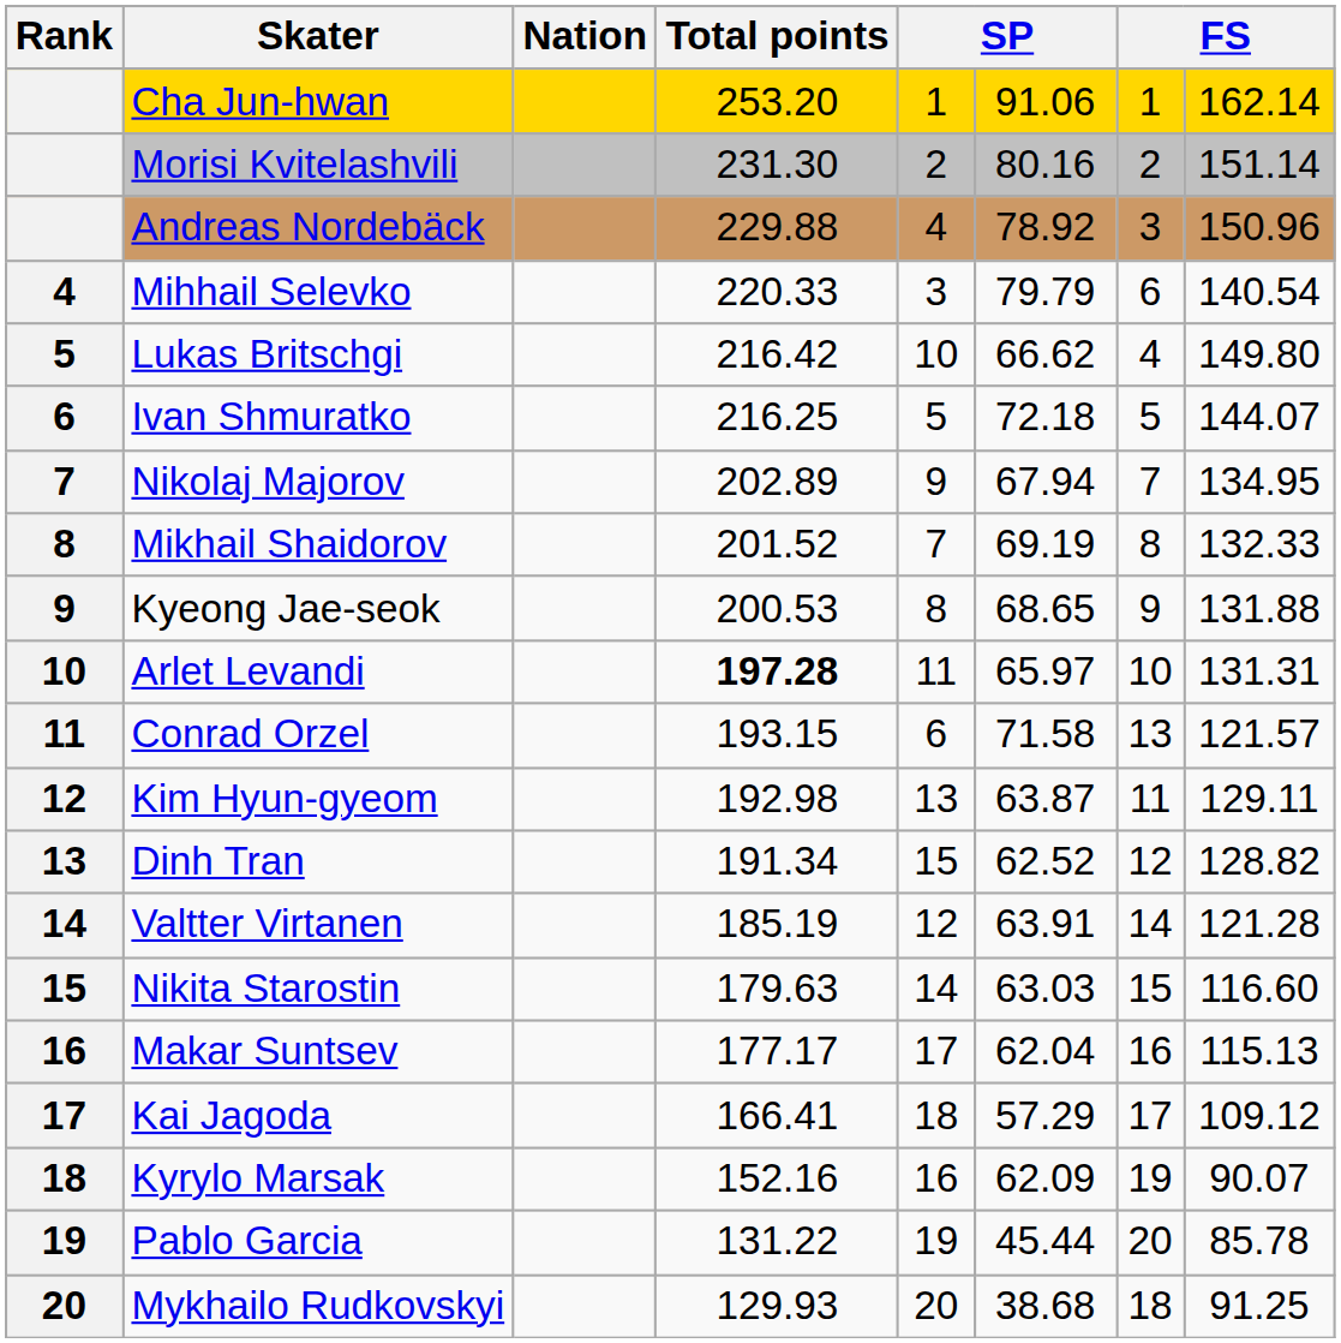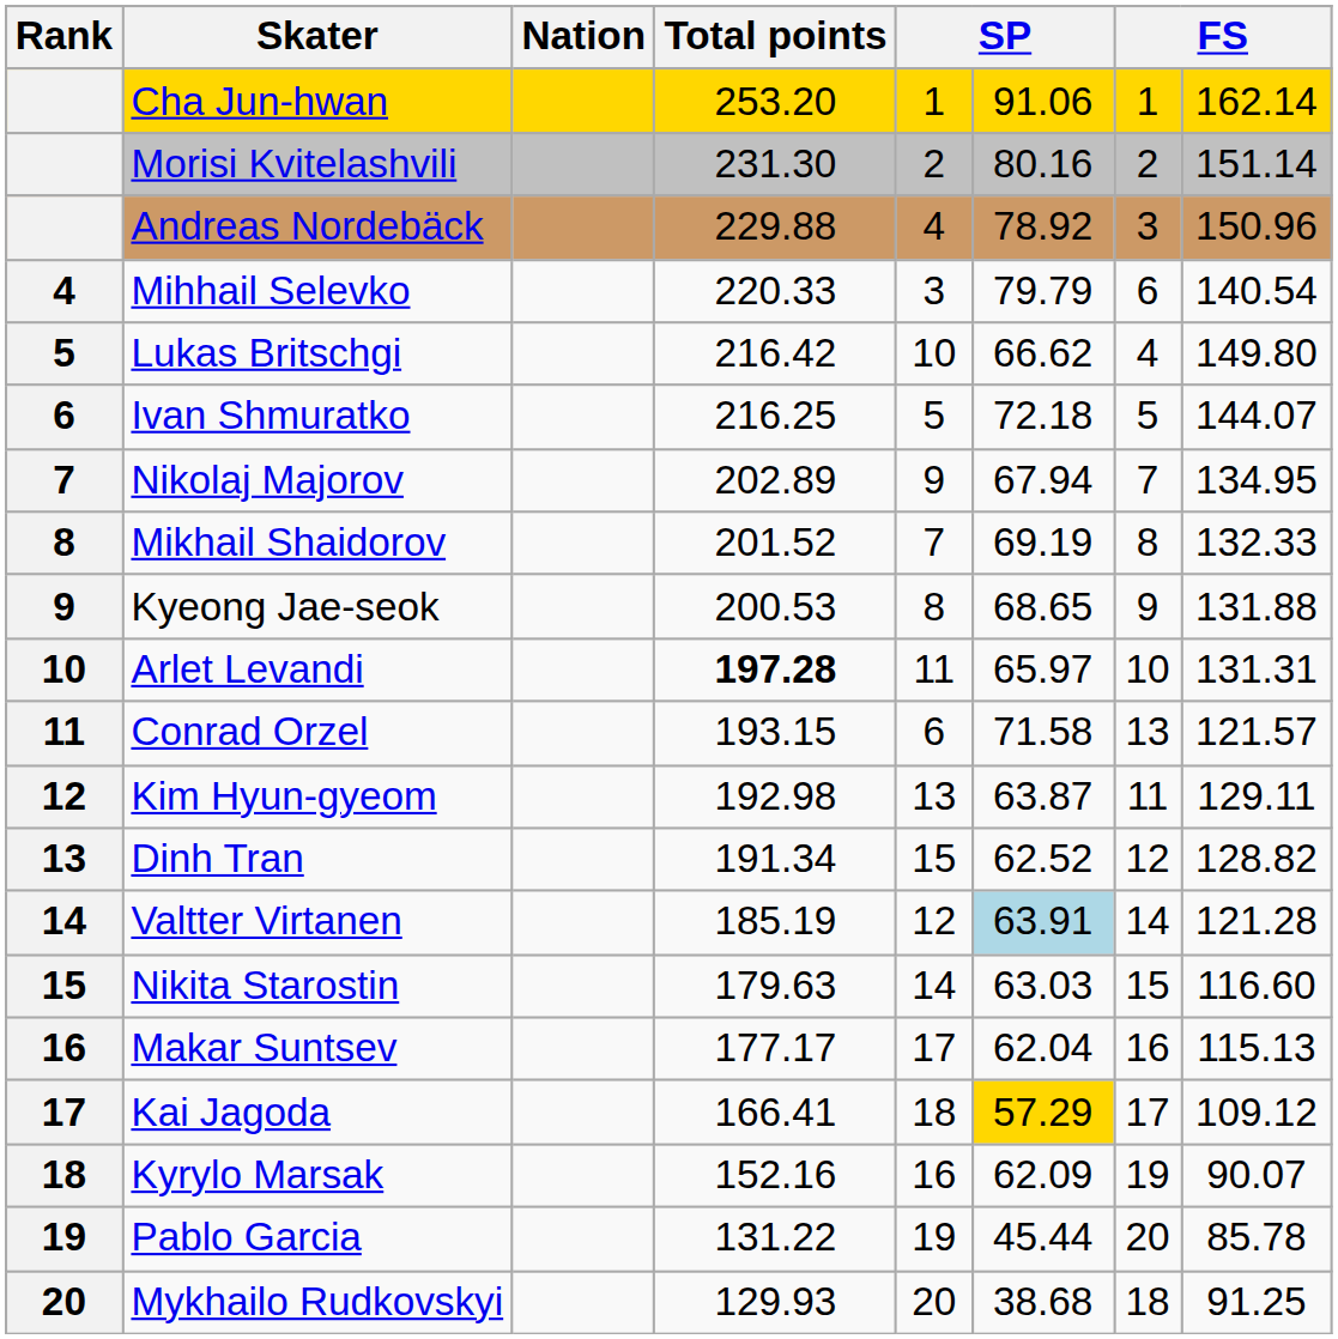 <table class="wikitable sortable" style="text-align:left">
 <tr>
 <th scope="col">Rank</th>
 <th scope="col">Skater</th>
 <th scope="col">Nation</th>
 <th scope="col">Total points</th>
 <th scope="col" colspan="2" width="80px"><a href='#'>SP</a></th>
 <th scope="col" colspan="2" width="80px"><a href='#'>FS</a></th>
 </tr>
 <tr bgcolor="gold">
 <th scope="row"></th>
 <td><a href='#'>Cha Jun-hwan</a></td>
 <td></td>
 <td align="center">253.20</td>
 <td align="center">1</td>
 <td align="center">91.06</td>
 <td align="center">1</td>
 <td align="center">162.14</td>
 </tr>
 <tr bgcolor="silver">
 <th scope="row"></th>
 <td><a href='#'>Morisi Kvitelashvili</a></td>
 <td></td>
 <td align="center">231.30</td>
 <td align="center">2</td>
 <td align="center">80.16</td>
 <td align="center">2</td>
 <td align="center">151.14</td>
 </tr>
 <tr bgcolor="cc9966">
 <th scope="row"></th>
 <td><a href='#'>Andreas Nordebäck</a></td>
 <td></td>
 <td align="center">229.88</td>
 <td align="center">4</td>
 <td align="center">78.92</td>
 <td align="center">3</td>
 <td align="center">150.96</td>
 </tr>
 <tr>
 <th scope="row">4</th>
 <td><a href='#'>Mihhail Selevko</a></td>
 <td></td>
 <td align="center">220.33</td>
 <td align="center">3</td>
 <td align="center">79.79</td>
 <td align="center">6</td>
 <td align="center">140.54</td>
 </tr>
 <tr>
 <th scope="row">5</th>
 <td><a href='#'>Lukas Britschgi</a></td>
 <td></td>
 <td align="center">216.42</td>
 <td align="center">10</td>
 <td align="center">66.62</td>
 <td align="center">4</td>
 <td align="center">149.80</td>
 </tr>
 <tr>
 <th scope="row">6</th>
 <td><a href='#'>Ivan Shmuratko</a></td>
 <td></td>
 <td align="center">216.25</td>
 <td align="center">5</td>
 <td align="center">72.18</td>
 <td align="center">5</td>
 <td align="center">144.07</td>
 </tr>
 <tr>
 <th scope="row">7</th>
 <td><a href='#'>Nikolaj Majorov</a></td>
 <td></td>
 <td align="center">202.89</td>
 <td align="center">9</td>
 <td align="center">67.94</td>
 <td align="center">7</td>
 <td align="center">134.95</td>
 </tr>
 <tr>
 <th scope="row">8</th>
 <td><a href='#'>Mikhail Shaidorov</a></td>
 <td></td>
 <td align="center">201.52</td>
 <td align="center">7</td>
 <td align="center">69.19</td>
 <td align="center">8</td>
 <td align="center">132.33</td>
 </tr>
 <tr>
 <th scope="row">9</th>
 <td>Kyeong Jae-seok</td>
 <td></td>
 <td align="center">200.53</td>
 <td align="center">8</td>
 <td align="center">68.65</td>
 <td align="center">9</td>
 <td align="center">131.88</td>
 </tr>
 <tr>
 <th scope="row">10</th>
 <td><a href='#'>Arlet Levandi</a></td>
 <td></td>
 <td align="center"><strong>197.28</strong></td>
 <td align="center">11</td>
 <td align="center">65.97</td>
 <td align="center">10</td>
 <td align="center">131.31</td>
 </tr>
 <tr>
 <th scope="row">11</th>
 <td><a href='#'>Conrad Orzel</a></td>
 <td></td>
 <td align="center">193.15</td>
 <td align="center">6</td>
 <td align="center">71.58</td>
 <td align="center">13</td>
 <td align="center">121.57</td>
 </tr>
 <tr>
 <th scope="row">12</th>
 <td><a href='#'>Kim Hyun-gyeom</a></td>
 <td></td>
 <td align="center">192.98</td>
 <td align="center">13</td>
 <td align="center">63.87</td>
 <td align="center">11</td>
 <td align="center">129.11</td>
 </tr>
 <tr>
 <th scope="row">13</th>
 <td><a href='#'>Dinh Tran</a></td>
 <td></td>
 <td align="center">191.34</td>
 <td align="center">15</td>
 <td align="center">62.52</td>
 <td align="center">12</td>
 <td align="center">128.82</td>
 </tr>
 <tr>
 <th scope="row">14</th>
 <td><a href='#'>Valtter Virtanen</a></td>
 <td></td>
 <td align="center">185.19</td>
 <td align="center">12</td>
-<td align="center">63.91</td>
+<td align="center" style="background: lightblue;">63.91</td>
 <td align="center">14</td>
 <td align="center">121.28</td>
 </tr>
 <tr>
 <th scope="row">15</th>
 <td><a href='#'>Nikita Starostin</a></td>
 <td></td>
 <td align="center">179.63</td>
 <td align="center">14</td>
 <td align="center">63.03</td>
 <td align="center">15</td>
 <td align="center">116.60</td>
 </tr>
 <tr>
 <th scope="row">16</th>
 <td><a href='#'>Makar Suntsev</a></td>
 <td></td>
 <td align="center">177.17</td>
 <td align="center">17</td>
 <td align="center">62.04</td>
 <td align="center">16</td>
 <td align="center">115.13</td>
 </tr>
 <tr>
 <th scope="row">17</th>
 <td><a href='#'>Kai Jagoda</a></td>
 <td></td>
 <td align="center">166.41</td>
 <td align="center">18</td>
-<td align="center">57.29</td>
+<td align="center" style="background: gold;">57.29</td>
 <td align="center">17</td>
 <td align="center">109.12</td>
 </tr>
 <tr>
 <th scope="row">18</th>
 <td><a href='#'>Kyrylo Marsak</a></td>
 <td></td>
 <td align="center">152.16</td>
 <td align="center">16</td>
 <td align="center">62.09</td>
 <td align="center">19</td>
 <td align="center">90.07</td>
 </tr>
 <tr>
 <th scope="row">19</th>
 <td><a href='#'>Pablo Garcia</a></td>
 <td></td>
 <td align="center">131.22</td>
 <td align="center">19</td>
 <td align="center">45.44</td>
 <td align="center">20</td>
 <td align="center">85.78</td>
 </tr>
 <tr>
 <th scope="row">20</th>
 <td><a href='#'>Mykhailo Rudkovskyi</a></td>
 <td></td>
 <td align="center">129.93</td>
 <td align="center">20</td>
 <td align="center">38.68</td>
 <td align="center">18</td>
 <td align="center">91.25</td>
 </tr>
 </table>
